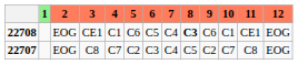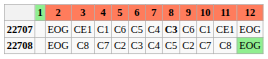 <table class="wikitable plainrowheaders unsortable" style="text-align:center">
 <tr>
 <th></th>
 <th rowspan="1" scope="col" style="background:lightgreen;">1</th>
 <th rowspan="1" scope="col" style="background:#FF7C5C;">2</th>
 <th rowspan="1" scope="col" style="background:#FF7C5C;">3</th>
 <th rowspan="1" scope="col" style="background:#FF7C5C;">4</th>
 <th rowspan="1" scope="col" style="background:#FF7C5C;">5</th>
 <th rowspan="1" scope="col" style="background:#FF7C5C;">6</th>
 <th rowspan="1" scope="col" style="background:#FF7C5C;">7</th>
 <th rowspan="1" scope="col" style="background:#FF7C5C;">8</th>
 <th rowspan="1" scope="col" style="background:#FF7C5C;">9</th>
 <th rowspan="1" scope="col" style="background:#FF7C5C;">10</th>
 <th rowspan="1" scope="col" style="background:#FF7C5C;">11</th>
 <th rowspan="1" scope="col" style="background:#FF7C5C;">12</th>
 </tr>
 <tr>
-<td><strong>22708</strong></td>
+<td><strong>22707</strong></td>
 <td></td>
 <td>EOG</td>
 <td>CE1</td>
 <td>C1</td>
 <td>C6</td>
 <td>C5</td>
 <td>C4</td>
 <td><strong>C3</strong></td>
 <td>C6</td>
 <td>C1</td>
 <td>CE1</td>
 <td>EOG</td>
 </tr>
 <tr>
-<td><strong>22707</strong></td>
+<td><strong>22708</strong></td>
 <td></td>
 <td>EOG</td>
 <td>C8</td>
 <td>C7</td>
 <td>C2</td>
 <td>C3</td>
 <td>C4</td>
 <td>C5</td>
 <td>C2</td>
 <td>C7</td>
 <td>C8</td>
-<td>EOG</td>
+<td style="background: lightgreen;">EOG</td>
 </tr>
 </table>
